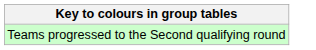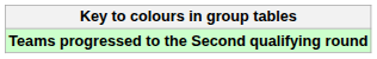 <table class="wikitable">
 <tr>
 <th>Key to colours in group tables</th>
 </tr>
 <tr bgcolor=#ccffcc>
-<td>Teams progressed to the Second qualifying round</td>
+<td><strong>Teams progressed to the Second qualifying round</strong></td>
 </tr>
 </table>
